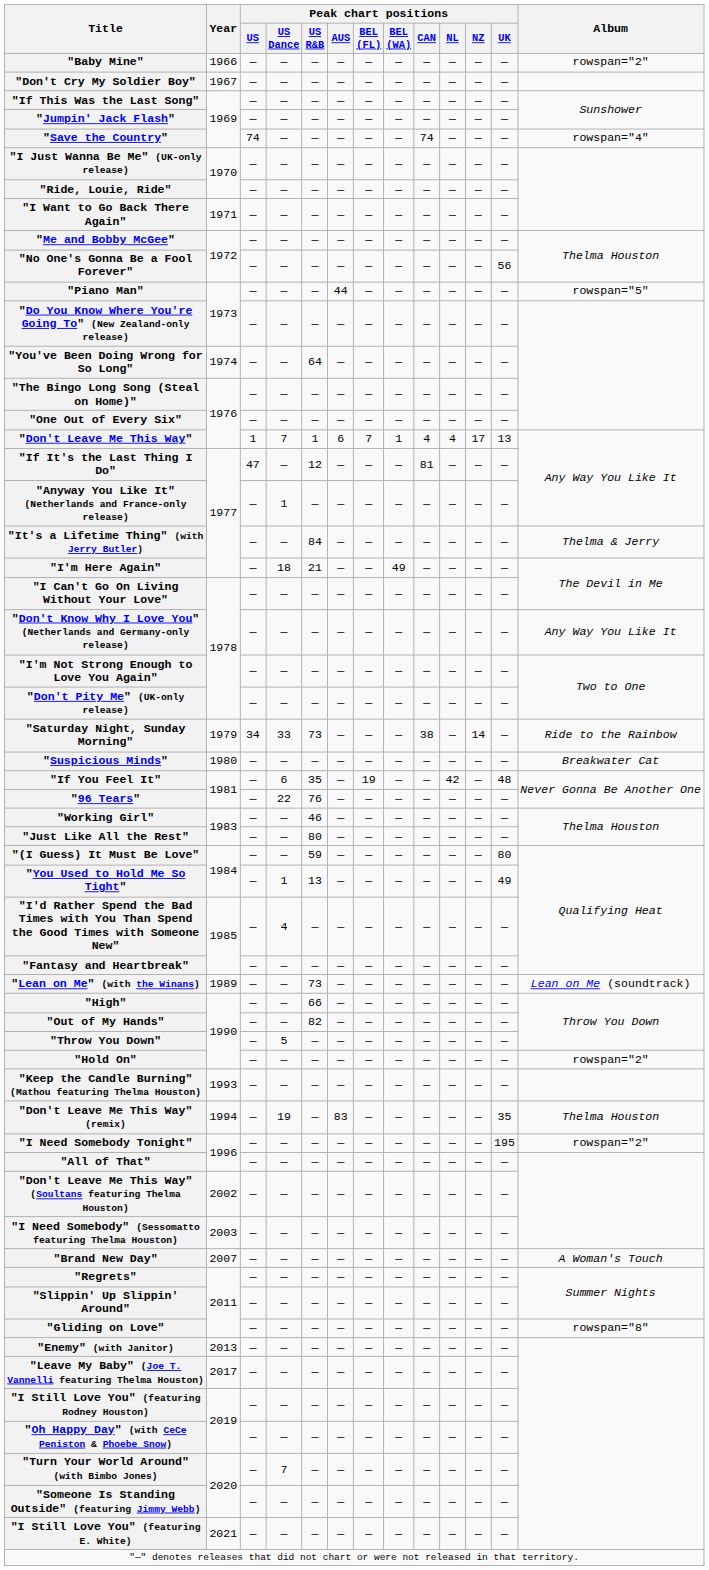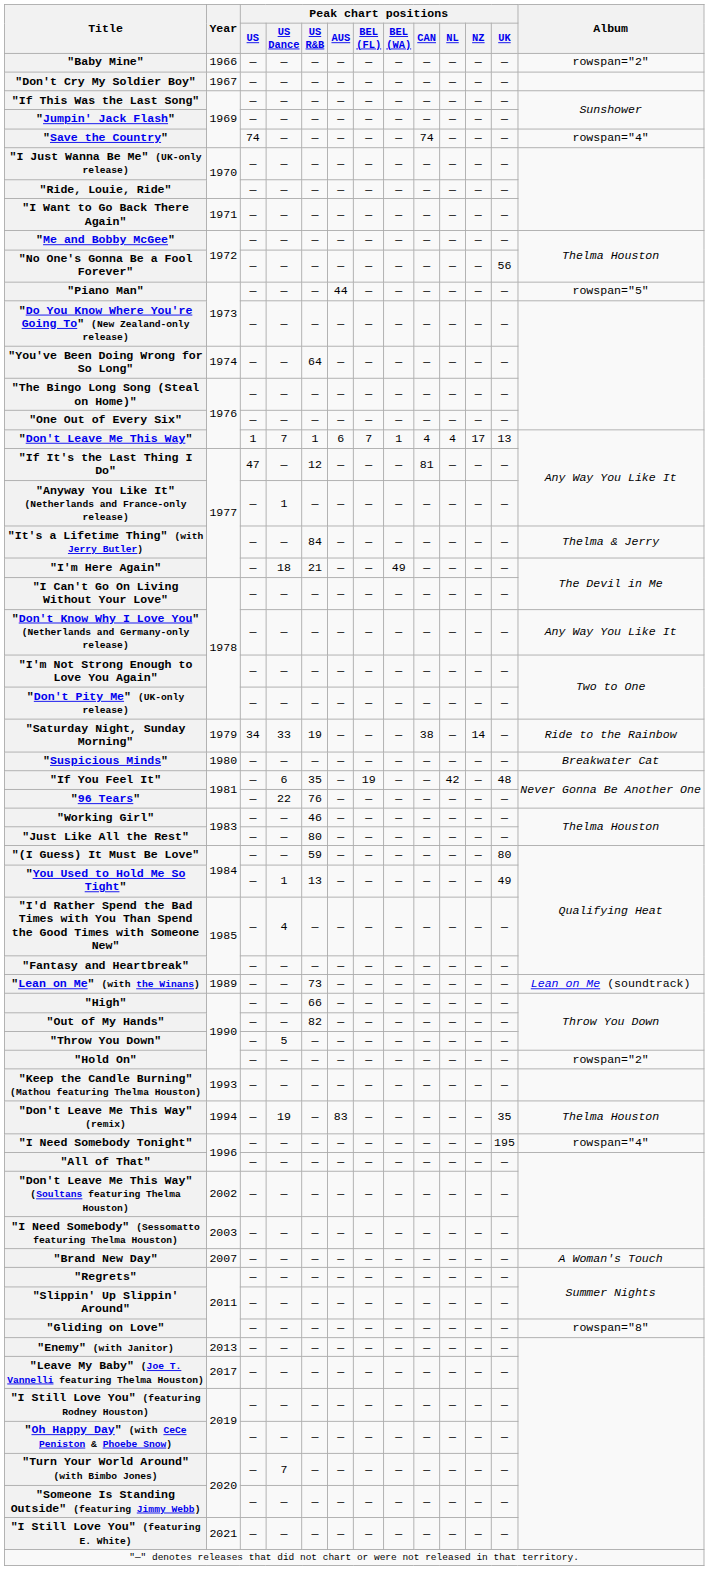 <table class="wikitable plainrowheaders" style="text-align:center;">
 <tr>
 <th rowspan="2" scope="col" style="width:17em;">Title</th>
 <th rowspan="2" scope="col" style="width:2em;">Year</th>
 <th colspan="10">Peak chart positions</th>
 <th rowspan="2">Album</th>
 </tr>
 <tr>
 <th scope="col" style="width:2em;font-size:90%;"><a href='#'>US</a><br></th>
 <th scope="col" style="width:2em;font-size:90%;"><a href='#'>US Dance</a><br></th>
 <th scope="col" style="width:2em;font-size:90%;"><a href='#'>US R&B</a><br></th>
 <th scope="col" style="width:2em;font-size:90%;"><a href='#'>AUS</a><br></th>
 <th scope="col" style="width:2em;font-size:90%;"><a href='#'>BEL (FL)</a><br></th>
 <th scope="col" style="width:2em;font-size:90%;"><a href='#'>BEL (WA)</a><br></th>
 <th scope="col" style="width:2em;font-size:90%;"><a href='#'>CAN</a><br></th>
 <th scope="col" style="width:2em;font-size:90%;"><a href='#'>NL</a><br></th>
 <th scope="col" style="width:2em;font-size:90%;"><a href='#'>NZ</a><br></th>
 <th scope="col" style="width:2em;font-size:90%;"><a href='#'>UK</a><br></th>
 </tr>
 <tr>
 <th scope="row">"Baby Mine"</th>
 <td>1966</td>
 <td>—</td>
 <td>—</td>
 <td>—</td>
 <td>—</td>
 <td>—</td>
 <td>—</td>
 <td>—</td>
 <td>—</td>
 <td>—</td>
 <td>—</td>
 <td>rowspan="2" </td>
 </tr>
 <tr>
 <th scope="row">"Don't Cry My Soldier Boy"</th>
 <td>1967</td>
 <td>—</td>
 <td>—</td>
 <td>—</td>
 <td>—</td>
 <td>—</td>
 <td>—</td>
 <td>—</td>
 <td>—</td>
 <td>—</td>
 <td>—</td>
 </tr>
 <tr>
 <th scope="row">"If This Was the Last Song"</th>
 <td rowspan="3">1969</td>
 <td>—</td>
 <td>—</td>
 <td>—</td>
 <td>—</td>
 <td>—</td>
 <td>—</td>
 <td>—</td>
 <td>—</td>
 <td>—</td>
 <td>—</td>
 <td rowspan="2"><em>Sunshower</em></td>
 </tr>
 <tr>
 <th scope="row">"<a href='#'>Jumpin' Jack Flash</a>"</th>
 <td>—</td>
 <td>—</td>
 <td>—</td>
 <td>—</td>
 <td>—</td>
 <td>—</td>
 <td>—</td>
 <td>—</td>
 <td>—</td>
 <td>—</td>
 </tr>
 <tr>
 <th scope="row">"<a href='#'>Save the Country</a>"</th>
 <td>74</td>
 <td>—</td>
 <td>—</td>
 <td>—</td>
 <td>—</td>
 <td>—</td>
 <td>74</td>
 <td>—</td>
 <td>—</td>
 <td>—</td>
 <td>rowspan="4" </td>
 </tr>
 <tr>
 <th scope="row">"I Just Wanna Be Me" <small>(UK-only release)</small></th>
 <td rowspan="2">1970</td>
 <td>—</td>
 <td>—</td>
 <td>—</td>
 <td>—</td>
 <td>—</td>
 <td>—</td>
 <td>—</td>
 <td>—</td>
 <td>—</td>
 <td>—</td>
 </tr>
 <tr>
 <th scope="row">"Ride, Louie, Ride"</th>
 <td>—</td>
 <td>—</td>
 <td>—</td>
 <td>—</td>
 <td>—</td>
 <td>—</td>
 <td>—</td>
 <td>—</td>
 <td>—</td>
 <td>—</td>
 </tr>
 <tr>
 <th scope="row">"I Want to Go Back There Again"</th>
 <td>1971</td>
 <td>—</td>
 <td>—</td>
 <td>—</td>
 <td>—</td>
 <td>—</td>
 <td>—</td>
 <td>—</td>
 <td>—</td>
 <td>—</td>
 <td>—</td>
 </tr>
 <tr>
 <th scope="row">"<a href='#'>Me and Bobby McGee</a>"</th>
 <td rowspan="2">1972</td>
 <td>—</td>
 <td>—</td>
 <td>—</td>
 <td>—</td>
 <td>—</td>
 <td>—</td>
 <td>—</td>
 <td>—</td>
 <td>—</td>
 <td>—</td>
 <td rowspan="2"><em>Thelma Houston</em></td>
 </tr>
 <tr>
 <th scope="row">"No One's Gonna Be a Fool Forever"</th>
 <td>—</td>
 <td>—</td>
 <td>—</td>
 <td>—</td>
 <td>—</td>
 <td>—</td>
 <td>—</td>
 <td>—</td>
 <td>—</td>
 <td>56</td>
 </tr>
 <tr>
 <th scope="row">"Piano Man"</th>
 <td rowspan="2">1973</td>
 <td>—</td>
 <td>—</td>
 <td>—</td>
 <td>44</td>
 <td>—</td>
 <td>—</td>
 <td>—</td>
 <td>—</td>
 <td>—</td>
 <td>—</td>
 <td>rowspan="5" </td>
 </tr>
 <tr>
 <th scope="row">"<a href='#'>Do You Know Where You're Going To</a>" <small>(New Zealand-only release)</small></th>
 <td>—</td>
 <td>—</td>
 <td>—</td>
 <td>—</td>
 <td>—</td>
 <td>—</td>
 <td>—</td>
 <td>—</td>
 <td>—</td>
 <td>—</td>
 </tr>
 <tr>
 <th scope="row">"You've Been Doing Wrong for So Long"</th>
 <td>1974</td>
 <td>—</td>
 <td>—</td>
 <td>64</td>
 <td>—</td>
 <td>—</td>
 <td>—</td>
 <td>—</td>
 <td>—</td>
 <td>—</td>
 <td>—</td>
 </tr>
 <tr>
 <th scope="row">"The Bingo Long Song (Steal on Home)"</th>
 <td rowspan="3">1976</td>
 <td>—</td>
 <td>—</td>
 <td>—</td>
 <td>—</td>
 <td>—</td>
 <td>—</td>
 <td>—</td>
 <td>—</td>
 <td>—</td>
 <td>—</td>
 </tr>
 <tr>
 <th scope="row">"One Out of Every Six"</th>
 <td>—</td>
 <td>—</td>
 <td>—</td>
 <td>—</td>
 <td>—</td>
 <td>—</td>
 <td>—</td>
 <td>—</td>
 <td>—</td>
 <td>—</td>
 </tr>
 <tr>
 <th scope="row">"<a href='#'>Don't Leave Me This Way</a>"</th>
 <td>1</td>
 <td>7</td>
 <td>1</td>
 <td>6</td>
 <td>7</td>
 <td>1</td>
 <td>4</td>
 <td>4</td>
 <td>17</td>
 <td>13</td>
 <td rowspan="3"><em>Any Way You Like It</em></td>
 </tr>
 <tr>
 <th scope="row">"If It's the Last Thing I Do"</th>
 <td rowspan="4">1977</td>
 <td>47</td>
 <td>—</td>
 <td>12</td>
 <td>—</td>
 <td>—</td>
 <td>—</td>
 <td>81</td>
 <td>—</td>
 <td>—</td>
 <td>—</td>
 </tr>
 <tr>
 <th scope="row">"Anyway You Like It" <small>(Netherlands and France-only release)</small></th>
 <td>—</td>
 <td>1</td>
 <td>—</td>
 <td>—</td>
 <td>—</td>
 <td>—</td>
 <td>—</td>
 <td>—</td>
 <td>—</td>
 <td>—</td>
 </tr>
 <tr>
 <th scope="row">"It's a Lifetime Thing" <small>(with <a href='#'>Jerry Butler</a>)</small></th>
 <td>—</td>
 <td>—</td>
 <td>84</td>
 <td>—</td>
 <td>—</td>
 <td>—</td>
 <td>—</td>
 <td>—</td>
 <td>—</td>
 <td>—</td>
 <td><em>Thelma & Jerry</em></td>
 </tr>
 <tr>
 <th scope="row">"I'm Here Again"</th>
 <td>—</td>
 <td>18</td>
 <td>21</td>
 <td>—</td>
 <td>—</td>
 <td>49</td>
 <td>—</td>
 <td>—</td>
 <td>—</td>
 <td>—</td>
 <td rowspan="2"><em>The Devil in Me</em></td>
 </tr>
 <tr>
 <th scope="row">"I Can't Go On Living Without Your Love"</th>
 <td rowspan="4">1978</td>
 <td>—</td>
 <td>—</td>
 <td>—</td>
 <td>—</td>
 <td>—</td>
 <td>—</td>
 <td>—</td>
 <td>—</td>
 <td>—</td>
 <td>—</td>
 </tr>
 <tr>
 <th scope="row">"<a href='#'>Don't Know Why I Love You</a>" <small>(Netherlands and Germany-only release)</small></th>
 <td>—</td>
 <td>—</td>
 <td>—</td>
 <td>—</td>
 <td>—</td>
 <td>—</td>
 <td>—</td>
 <td>—</td>
 <td>—</td>
 <td>—</td>
 <td><em>Any Way You Like It</em></td>
 </tr>
 <tr>
 <th scope="row">"I'm Not Strong Enough to Love You Again"</th>
 <td>—</td>
 <td>—</td>
 <td>—</td>
 <td>—</td>
 <td>—</td>
 <td>—</td>
 <td>—</td>
 <td>—</td>
 <td>—</td>
 <td>—</td>
 <td rowspan="2"><em>Two to One</em></td>
 </tr>
 <tr>
 <th scope="row">"<a href='#'>Don't Pity Me</a>" <small>(UK-only release)</small></th>
 <td>—</td>
 <td>—</td>
 <td>—</td>
 <td>—</td>
 <td>—</td>
 <td>—</td>
 <td>—</td>
 <td>—</td>
 <td>—</td>
 <td>—</td>
 </tr>
 <tr>
 <th scope="row">"Saturday Night, Sunday Morning"</th>
 <td>1979</td>
 <td>34</td>
 <td>33</td>
-<td>73</td>
+<td>19</td>
 <td>—</td>
 <td>—</td>
 <td>—</td>
 <td>38</td>
 <td>—</td>
 <td>14</td>
 <td>—</td>
 <td><em>Ride to the Rainbow</em></td>
 </tr>
 <tr>
 <th scope="row">"<a href='#'>Suspicious Minds</a>"</th>
 <td>1980</td>
 <td>—</td>
 <td>—</td>
 <td>—</td>
 <td>—</td>
 <td>—</td>
 <td>—</td>
 <td>—</td>
 <td>—</td>
 <td>—</td>
 <td>—</td>
 <td><em>Breakwater Cat</em></td>
 </tr>
 <tr>
 <th scope="row">"If You Feel It"</th>
 <td rowspan="2">1981</td>
 <td>—</td>
 <td>6</td>
 <td>35</td>
 <td>—</td>
 <td>19</td>
 <td>—</td>
 <td>—</td>
 <td>42</td>
 <td>—</td>
 <td>48</td>
 <td rowspan="2"><em>Never Gonna Be Another One</em></td>
 </tr>
 <tr>
 <th scope="row">"<a href='#'>96 Tears</a>"</th>
 <td>—</td>
 <td>22</td>
 <td>76</td>
 <td>—</td>
 <td>—</td>
 <td>—</td>
 <td>—</td>
 <td>—</td>
 <td>—</td>
 <td>—</td>
 </tr>
 <tr>
 <th scope="row">"Working Girl"</th>
 <td rowspan="2">1983</td>
 <td>—</td>
 <td>—</td>
 <td>46</td>
 <td>—</td>
 <td>—</td>
 <td>—</td>
 <td>—</td>
 <td>—</td>
 <td>—</td>
 <td>—</td>
 <td rowspan="2"><em>Thelma Houston</em></td>
 </tr>
 <tr>
 <th scope="row">"Just Like All the Rest"</th>
 <td>—</td>
 <td>—</td>
 <td>80</td>
 <td>—</td>
 <td>—</td>
 <td>—</td>
 <td>—</td>
 <td>—</td>
 <td>—</td>
 <td>—</td>
 </tr>
 <tr>
 <th scope="row">"(I Guess) It Must Be Love"</th>
 <td rowspan="2">1984</td>
 <td>—</td>
 <td>—</td>
 <td>59</td>
 <td>—</td>
 <td>—</td>
 <td>—</td>
 <td>—</td>
 <td>—</td>
 <td>—</td>
 <td>80</td>
 <td rowspan="4"><em>Qualifying Heat</em></td>
 </tr>
 <tr>
 <th scope="row">"<a href='#'>You Used to Hold Me So Tight</a>"</th>
 <td>—</td>
 <td>1</td>
 <td>13</td>
 <td>—</td>
 <td>—</td>
 <td>—</td>
 <td>—</td>
 <td>—</td>
 <td>—</td>
 <td>49</td>
 </tr>
 <tr>
 <th scope="row">"I'd Rather Spend the Bad Times with You Than Spend the Good Times with Someone New"</th>
 <td rowspan="2">1985</td>
 <td>—</td>
 <td>4</td>
 <td>—</td>
 <td>—</td>
 <td>—</td>
 <td>—</td>
 <td>—</td>
 <td>—</td>
 <td>—</td>
 <td>—</td>
 </tr>
 <tr>
 <th scope="row">"Fantasy and Heartbreak"</th>
 <td>—</td>
 <td>—</td>
 <td>—</td>
 <td>—</td>
 <td>—</td>
 <td>—</td>
 <td>—</td>
 <td>—</td>
 <td>—</td>
 <td>—</td>
 </tr>
 <tr>
 <th scope="row">"<a href='#'>Lean on Me</a>" <small>(with <a href='#'>the Winans</a>)</small></th>
 <td>1989</td>
 <td>—</td>
 <td>—</td>
 <td>73</td>
 <td>—</td>
 <td>—</td>
 <td>—</td>
 <td>—</td>
 <td>—</td>
 <td>—</td>
 <td>—</td>
 <td><em><a href='#'>Lean on Me</a></em> (soundtrack)</td>
 </tr>
 <tr>
 <th scope="row">"High"</th>
 <td rowspan="4">1990</td>
 <td>—</td>
 <td>—</td>
 <td>66</td>
 <td>—</td>
 <td>—</td>
 <td>—</td>
 <td>—</td>
 <td>—</td>
 <td>—</td>
 <td>—</td>
 <td rowspan="3"><em>Throw You Down</em></td>
 </tr>
 <tr>
 <th scope="row">"Out of My Hands"</th>
 <td>—</td>
 <td>—</td>
 <td>82</td>
 <td>—</td>
 <td>—</td>
 <td>—</td>
 <td>—</td>
 <td>—</td>
 <td>—</td>
 <td>—</td>
 </tr>
 <tr>
 <th scope="row">"Throw You Down"</th>
 <td>—</td>
 <td>5</td>
 <td>—</td>
 <td>—</td>
 <td>—</td>
 <td>—</td>
 <td>—</td>
 <td>—</td>
 <td>—</td>
 <td>—</td>
 </tr>
 <tr>
 <th scope="row">"Hold On"</th>
 <td>—</td>
 <td>—</td>
 <td>—</td>
 <td>—</td>
 <td>—</td>
 <td>—</td>
 <td>—</td>
 <td>—</td>
 <td>—</td>
 <td>—</td>
 <td>rowspan="2" </td>
 </tr>
 <tr>
 <th scope="row">"Keep the Candle Burning" <small>(Mathou featuring Thelma Houston)</small></th>
 <td>1993</td>
 <td>—</td>
 <td>—</td>
 <td>—</td>
 <td>—</td>
 <td>—</td>
 <td>—</td>
 <td>—</td>
 <td>—</td>
 <td>—</td>
 <td>—</td>
 </tr>
 <tr>
 <th scope="row">"Don't Leave Me This Way" <small>(remix)</small></th>
 <td>1994</td>
 <td>—</td>
 <td>19</td>
 <td>—</td>
 <td>83</td>
 <td>—</td>
 <td>—</td>
 <td>—</td>
 <td>—</td>
 <td>—</td>
 <td>35</td>
 <td><em>Thelma Houston</em></td>
 </tr>
 <tr>
 <th scope="row">"I Need Somebody Tonight"</th>
 <td rowspan="2">1996</td>
 <td>—</td>
 <td>—</td>
 <td>—</td>
 <td>—</td>
 <td>—</td>
 <td>—</td>
 <td>—</td>
 <td>—</td>
 <td>—</td>
 <td>195</td>
-<td>rowspan="2" </td>
+<td>rowspan="4" </td>
 </tr>
 <tr>
 <th scope="row">"All of That"</th>
 <td>—</td>
 <td>—</td>
 <td>—</td>
 <td>—</td>
 <td>—</td>
 <td>—</td>
 <td>—</td>
 <td>—</td>
 <td>—</td>
 <td>—</td>
 </tr>
 <tr>
 <th scope="row">"Don't Leave Me This Way" <small>(<a href='#'>Soultans</a> featuring Thelma Houston)</small></th>
 <td>2002</td>
 <td>—</td>
 <td>—</td>
 <td>—</td>
 <td>—</td>
 <td>—</td>
 <td>—</td>
 <td>—</td>
 <td>—</td>
 <td>—</td>
 <td>—</td>
 </tr>
 <tr>
 <th scope="row">"I Need Somebody" <small>(Sessomatto featuring Thelma Houston)</small></th>
 <td>2003</td>
 <td>—</td>
 <td>—</td>
 <td>—</td>
 <td>—</td>
 <td>—</td>
 <td>—</td>
 <td>—</td>
 <td>—</td>
 <td>—</td>
 <td>—</td>
 </tr>
 <tr>
 <th scope="row">"Brand New Day"</th>
 <td>2007</td>
 <td>—</td>
 <td>—</td>
 <td>—</td>
 <td>—</td>
 <td>—</td>
 <td>—</td>
 <td>—</td>
 <td>—</td>
 <td>—</td>
 <td>—</td>
 <td><em>A Woman's Touch</em></td>
 </tr>
 <tr>
 <th scope="row">"Regrets"</th>
 <td rowspan="3">2011</td>
 <td>—</td>
 <td>—</td>
 <td>—</td>
 <td>—</td>
 <td>—</td>
 <td>—</td>
 <td>—</td>
 <td>—</td>
 <td>—</td>
 <td>—</td>
 <td rowspan="2"><em>Summer Nights</em></td>
 </tr>
 <tr>
 <th scope="row">"Slippin' Up Slippin' Around"</th>
 <td>—</td>
 <td>—</td>
 <td>—</td>
 <td>—</td>
 <td>—</td>
 <td>—</td>
 <td>—</td>
 <td>—</td>
 <td>—</td>
 <td>—</td>
 </tr>
 <tr>
 <th scope="row">"Gliding on Love"</th>
 <td>—</td>
 <td>—</td>
 <td>—</td>
 <td>—</td>
 <td>—</td>
 <td>—</td>
 <td>—</td>
 <td>—</td>
 <td>—</td>
 <td>—</td>
 <td>rowspan="8" </td>
 </tr>
 <tr>
 <th scope="row">"Enemy" <small>(with Janitor)</small></th>
 <td>2013</td>
 <td>—</td>
 <td>—</td>
 <td>—</td>
 <td>—</td>
 <td>—</td>
 <td>—</td>
 <td>—</td>
 <td>—</td>
 <td>—</td>
 <td>—</td>
 </tr>
 <tr>
 <th scope="row">"Leave My Baby" <small>(<a href='#'>Joe T. Vannelli</a> featuring Thelma Houston)</small></th>
 <td>2017</td>
 <td>—</td>
 <td>—</td>
 <td>—</td>
 <td>—</td>
 <td>—</td>
 <td>—</td>
 <td>—</td>
 <td>—</td>
 <td>—</td>
 <td>—</td>
 </tr>
 <tr>
 <th scope="row">"I Still Love You" <small>(featuring Rodney Houston)</small></th>
 <td rowspan="2">2019</td>
 <td>—</td>
 <td>—</td>
 <td>—</td>
 <td>—</td>
 <td>—</td>
 <td>—</td>
 <td>—</td>
 <td>—</td>
 <td>—</td>
 <td>—</td>
 </tr>
 <tr>
 <th scope="row">"<a href='#'>Oh Happy Day</a>" <small>(with <a href='#'>CeCe Peniston</a> & <a href='#'>Phoebe Snow</a>)</small></th>
 <td>—</td>
 <td>—</td>
 <td>—</td>
 <td>—</td>
 <td>—</td>
 <td>—</td>
 <td>—</td>
 <td>—</td>
 <td>—</td>
 <td>—</td>
 </tr>
 <tr>
 <th scope="row">"Turn Your World Around" <small>(with Bimbo Jones)</small></th>
 <td rowspan="2">2020</td>
 <td>—</td>
 <td>7</td>
 <td>—</td>
 <td>—</td>
 <td>—</td>
 <td>—</td>
 <td>—</td>
 <td>—</td>
 <td>—</td>
 <td>—</td>
 </tr>
 <tr>
 <th scope="row">"Someone Is Standing Outside" <small>(featuring <a href='#'>Jimmy Webb</a>)</small></th>
 <td>—</td>
 <td>—</td>
 <td>—</td>
 <td>—</td>
 <td>—</td>
 <td>—</td>
 <td>—</td>
 <td>—</td>
 <td>—</td>
 <td>—</td>
 </tr>
 <tr>
 <th scope="row">"I Still Love You" <small>(featuring E. White)</small></th>
 <td>2021</td>
 <td>—</td>
 <td>—</td>
 <td>—</td>
 <td>—</td>
 <td>—</td>
 <td>—</td>
 <td>—</td>
 <td>—</td>
 <td>—</td>
 <td>—</td>
 </tr>
 <tr>
 <td colspan="13" style="font-size:8pt">"—" denotes releases that did not chart or were not released in that territory.</td>
 </tr>
 </table>
